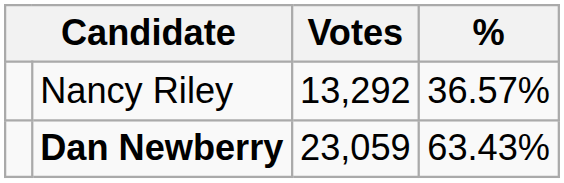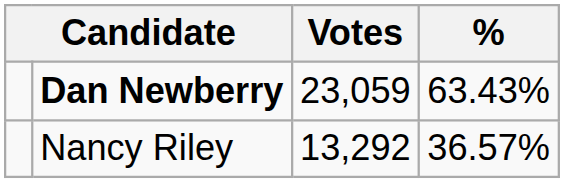 <table class="wikitable">
 <tr>
 <th colspan="2" rowspan="1" align="center" valign="top"><strong>Candidate</strong></th>
 <th valign="top"><strong>Votes</strong></th>
 <th valign="top"><strong>%</strong></th>
 </tr>
 <tr>
 <td style="background-color:"> </td>
+<td><strong>Dan Newberry</strong></td>
+<td>23,059</td>
+<td>63.43%</td>
+</tr>
+<tr>
+<td style="background-color:"> </td>
 <td>Nancy Riley</td>
 <td>13,292</td>
 <td>36.57%</td>
 </tr>
-<tr>
-<td style="background-color:"> </td>
-<td><strong>Dan Newberry</strong></td>
-<td>23,059</td>
-<td>63.43%</td>
-</tr>
 </table>
